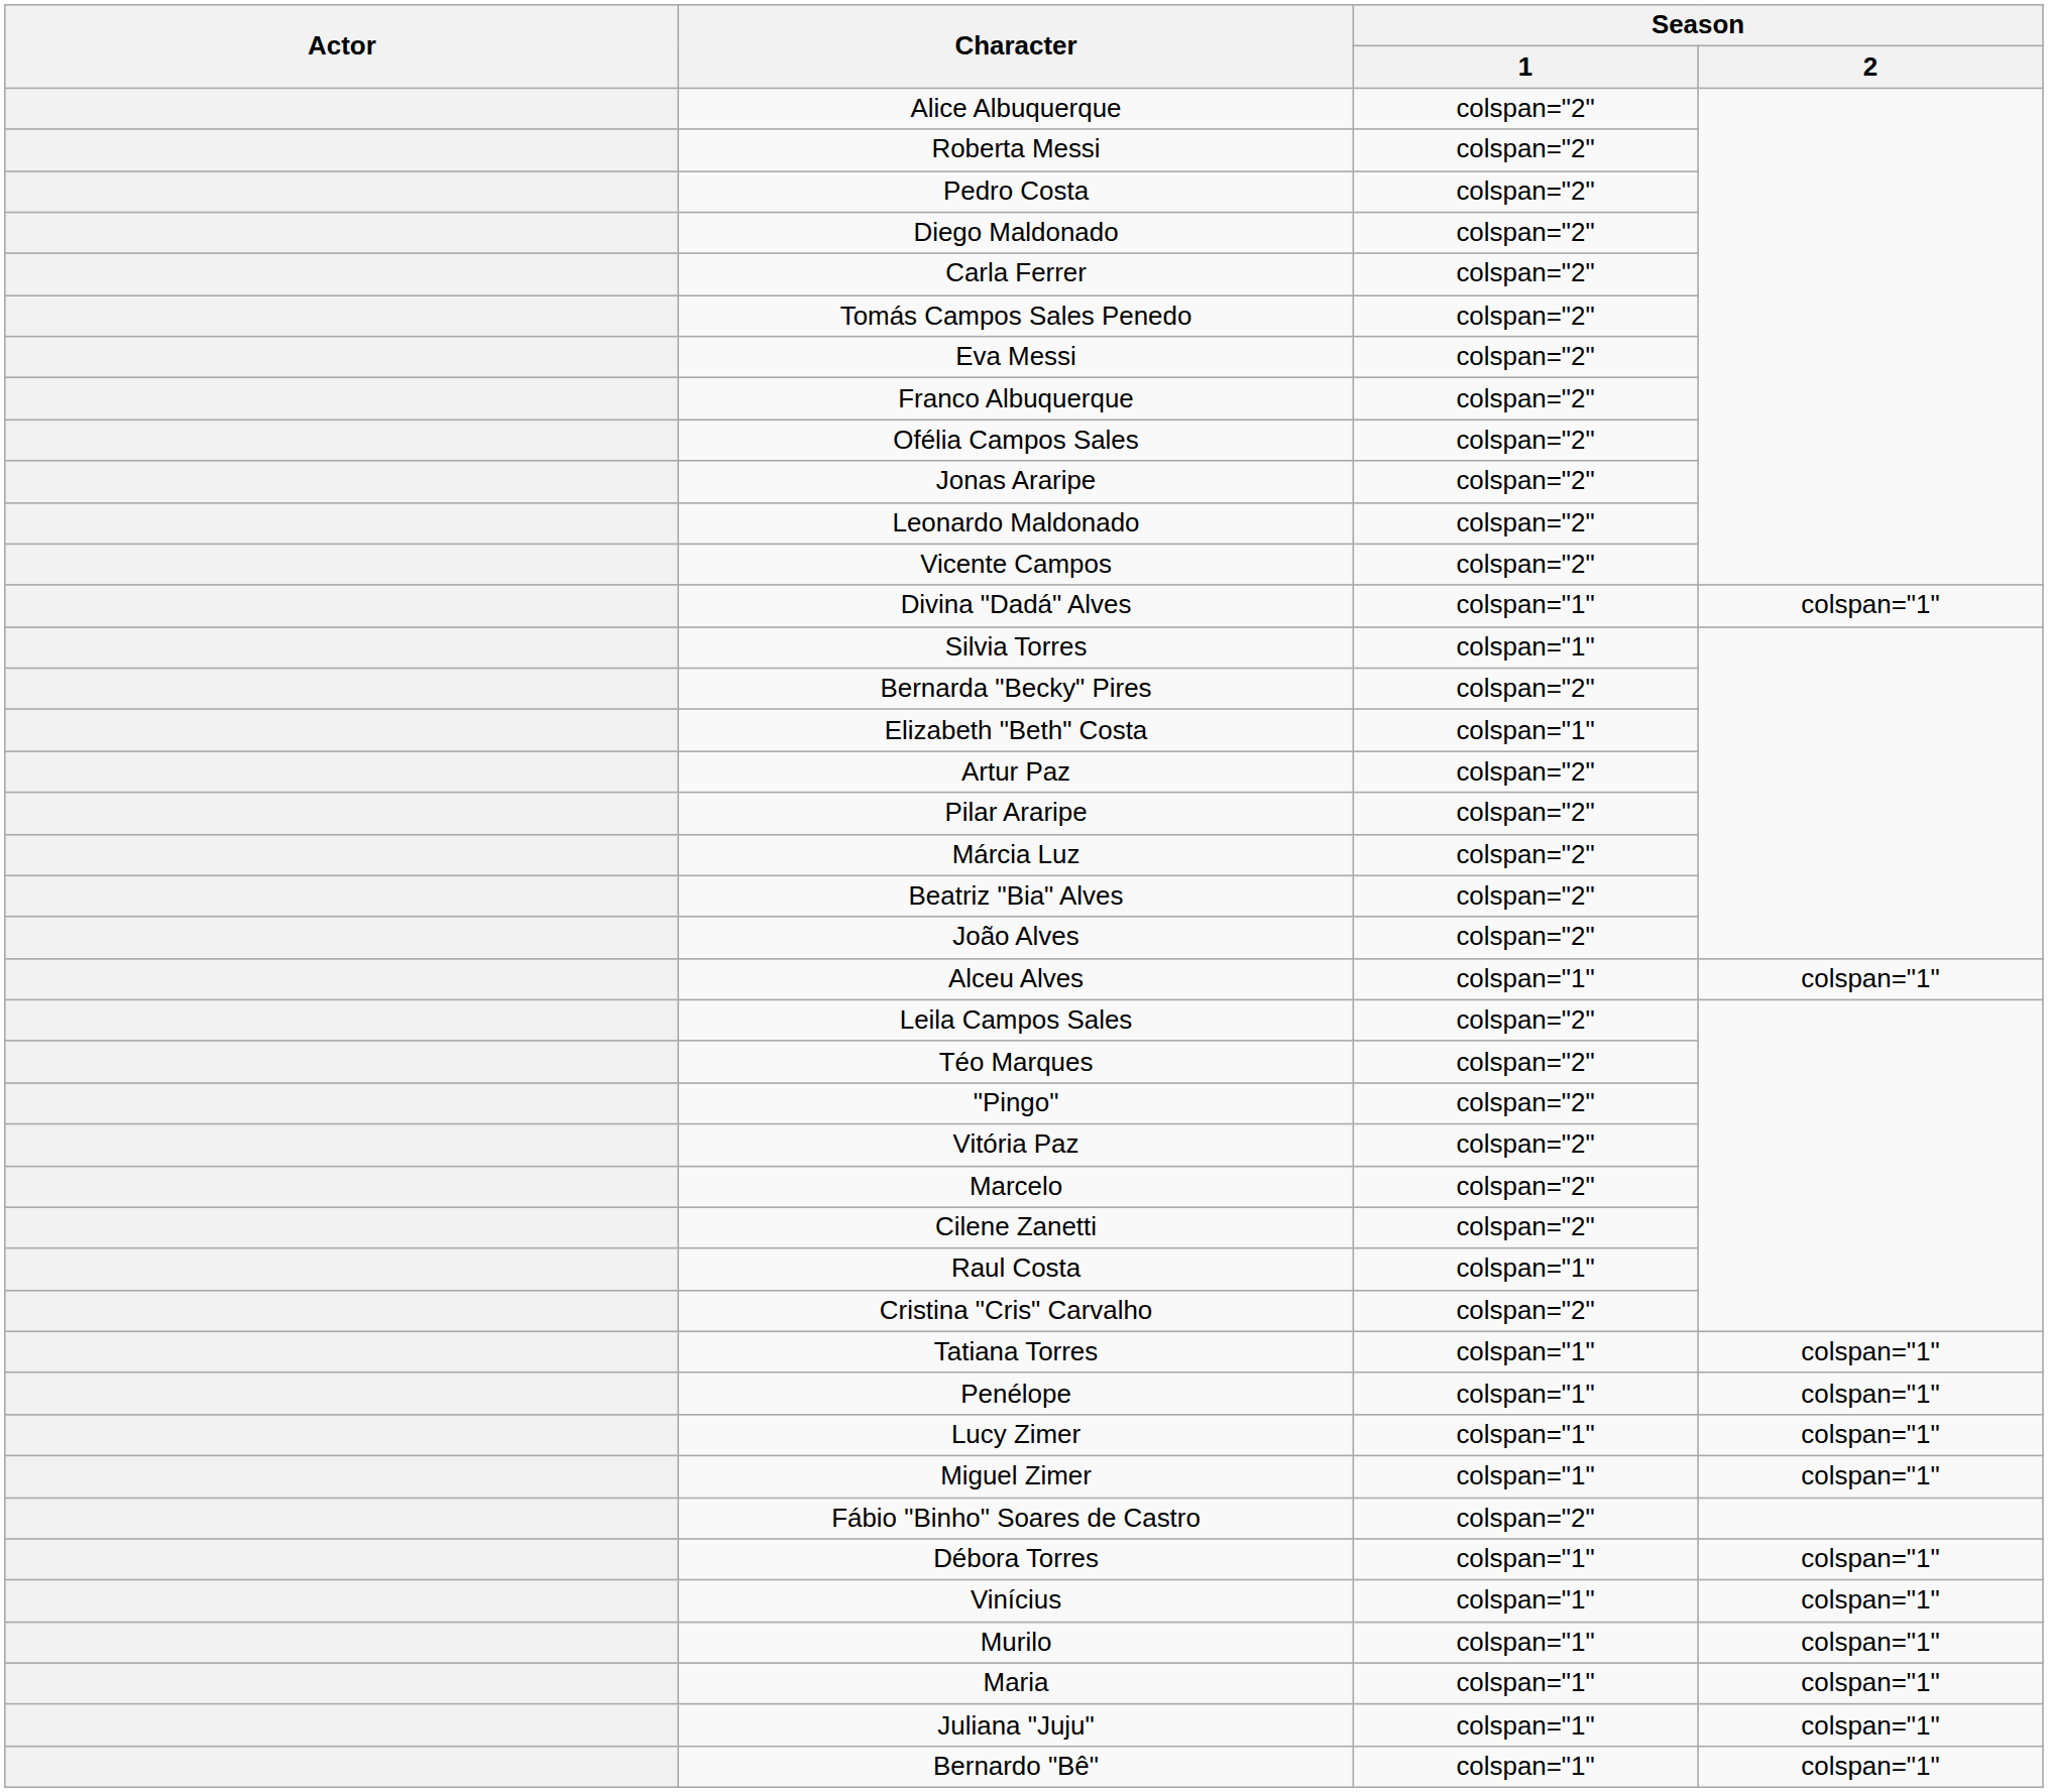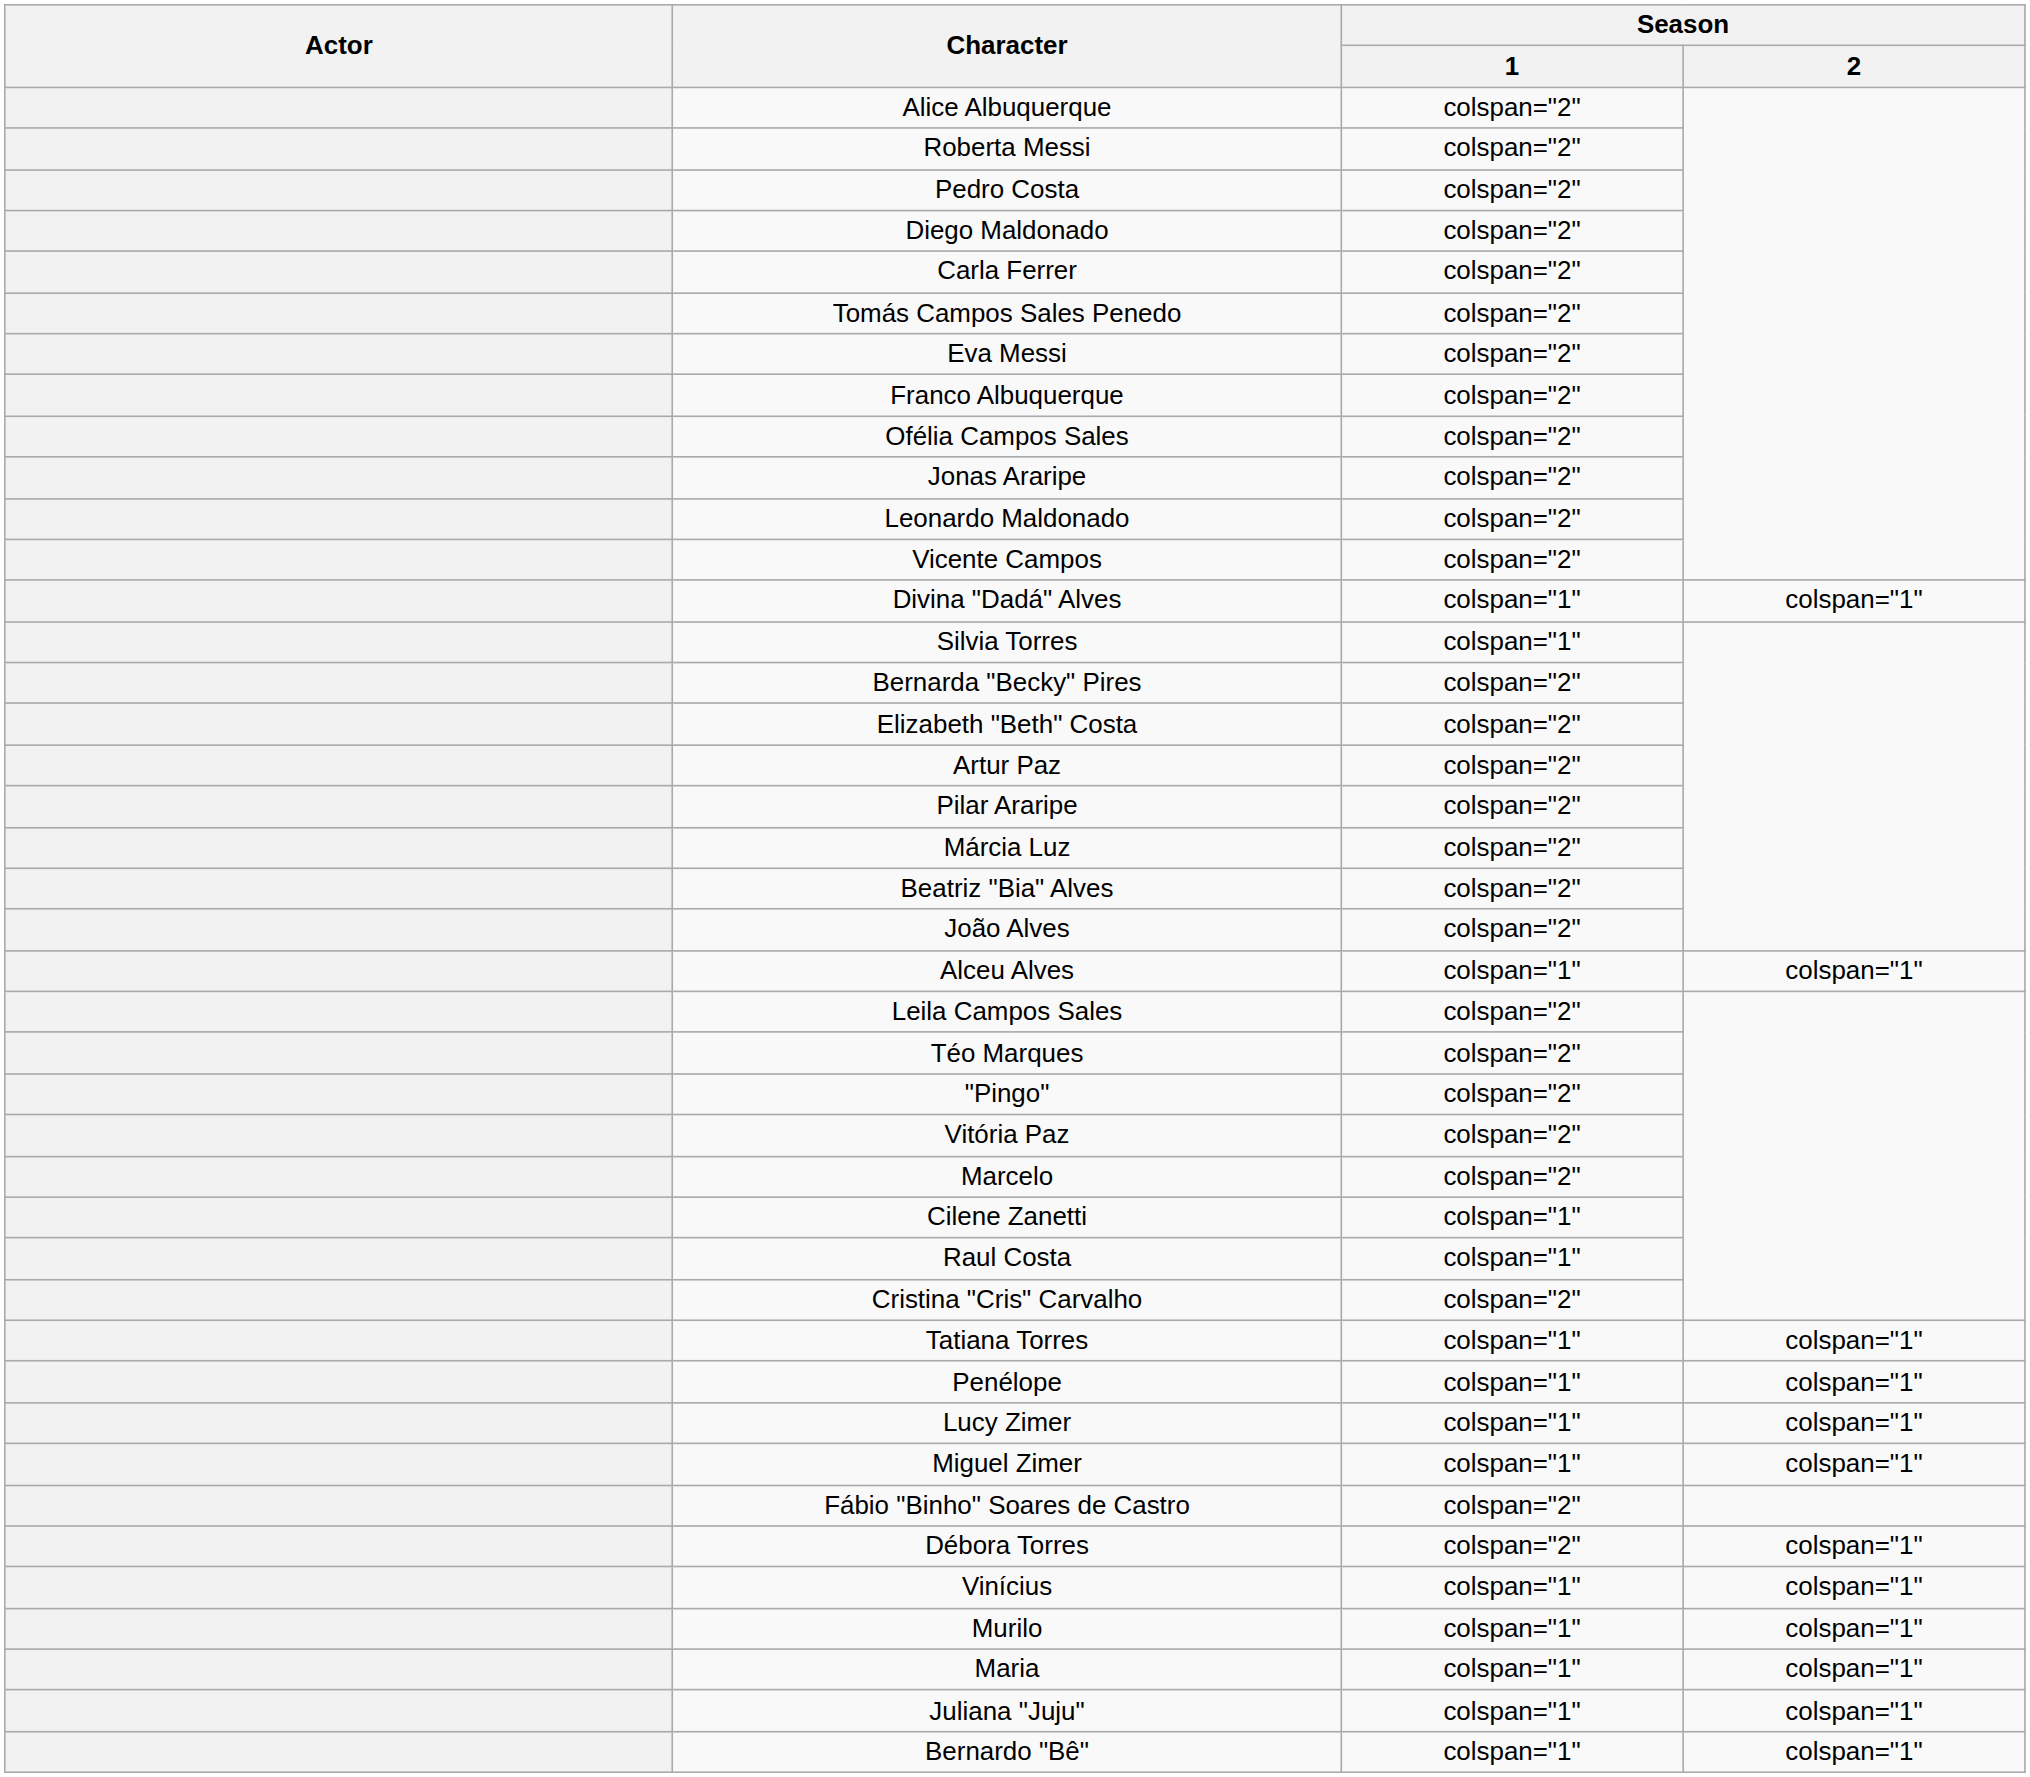 <table class="wikitable plainrowheaders" style="text-align:center">
 <tr>
 <th rowspan="2" width="14%" scope="col">Actor</th>
 <th rowspan="2" width="14%" scope="col">Character</th>
 <th colspan="4">Season</th>
 </tr>
 <tr>
 <th width="7%" scope="col">1</th>
 <th width="7%" scope="col">2</th>
 </tr>
 <tr>
 <th scope="row"></th>
 <td>Alice Albuquerque</td>
 <td>colspan="2" </td>
 </tr>
 <tr>
 <th scope="row"></th>
 <td>Roberta Messi</td>
 <td>colspan="2" </td>
 </tr>
 <tr>
 <th scope="row"></th>
 <td>Pedro Costa</td>
 <td>colspan="2" </td>
 </tr>
 <tr>
 <th scope="row"></th>
 <td>Diego Maldonado</td>
 <td>colspan="2" </td>
 </tr>
 <tr>
 <th scope="row"></th>
 <td>Carla Ferrer</td>
 <td>colspan="2" </td>
 </tr>
 <tr>
 <th scope="row"></th>
 <td>Tomás Campos Sales Penedo</td>
 <td>colspan="2" </td>
 </tr>
 <tr>
 <th scope="row"></th>
 <td>Eva Messi</td>
 <td>colspan="2" </td>
 </tr>
 <tr>
 <th scope="row"></th>
 <td>Franco Albuquerque</td>
 <td>colspan="2" </td>
 </tr>
 <tr>
 <th scope="row"></th>
 <td>Ofélia Campos Sales</td>
 <td>colspan="2" </td>
 </tr>
 <tr>
 <th scope="row"></th>
 <td>Jonas Araripe</td>
 <td>colspan="2" </td>
 </tr>
 <tr>
 <th scope="row"></th>
 <td>Leonardo Maldonado</td>
 <td>colspan="2" </td>
 </tr>
 <tr>
 <th scope="row"></th>
 <td>Vicente Campos</td>
 <td>colspan="2" </td>
 </tr>
 <tr>
 <th scope="row"></th>
 <td>Divina "Dadá" Alves</td>
 <td>colspan="1" </td>
 <td>colspan="1" </td>
 </tr>
 <tr>
 <th scope="row"></th>
 <td>Silvia Torres</td>
 <td>colspan="1" </td>
 </tr>
 <tr>
 <th scope="row"></th>
 <td>Bernarda "Becky" Pires</td>
 <td>colspan="2" </td>
 </tr>
 <tr>
 <th scope="row"></th>
 <td>Elizabeth "Beth" Costa</td>
-<td>colspan="1" </td>
+<td>colspan="2" </td>
 </tr>
 <tr>
 <th scope="row"></th>
 <td>Artur Paz</td>
 <td>colspan="2" </td>
 </tr>
 <tr>
 <th scope="row"></th>
 <td>Pilar Araripe</td>
 <td>colspan="2" </td>
 </tr>
 <tr>
 <th scope="row"></th>
 <td>Márcia Luz</td>
 <td>colspan="2" </td>
 </tr>
 <tr>
 <th scope="row"></th>
 <td>Beatriz "Bia" Alves</td>
 <td>colspan="2" </td>
 </tr>
 <tr>
 <th scope="row"></th>
 <td>João Alves</td>
 <td>colspan="2" </td>
 </tr>
 <tr>
 <th scope="row"></th>
 <td>Alceu Alves</td>
 <td>colspan="1" </td>
 <td>colspan="1" </td>
 </tr>
 <tr>
 <th scope="row"></th>
 <td>Leila Campos Sales</td>
 <td>colspan="2" </td>
 </tr>
 <tr>
 <th scope="row"></th>
 <td>Téo Marques</td>
 <td>colspan="2" </td>
 </tr>
 <tr>
 <th scope="row"></th>
 <td>"Pingo"</td>
 <td>colspan="2" </td>
 </tr>
 <tr>
 <th scope="row"></th>
 <td>Vitória Paz</td>
 <td>colspan="2" </td>
 </tr>
 <tr>
 <th scope="row"></th>
 <td>Marcelo</td>
 <td>colspan="2" </td>
 </tr>
 <tr>
 <th scope="row"></th>
 <td>Cilene Zanetti</td>
-<td>colspan="2" </td>
+<td>colspan="1" </td>
 </tr>
 <tr>
 <th scope="row"></th>
 <td>Raul Costa</td>
 <td>colspan="1" </td>
 </tr>
 <tr>
 <th scope="row"></th>
 <td>Cristina "Cris" Carvalho</td>
 <td>colspan="2" </td>
 </tr>
 <tr>
 <th scope="row"></th>
 <td>Tatiana Torres</td>
 <td>colspan="1" </td>
 <td>colspan="1" </td>
 </tr>
 <tr>
 <th scope="row"></th>
 <td>Penélope</td>
 <td>colspan="1" </td>
 <td>colspan="1" </td>
 </tr>
 <tr>
 <th scope="row"></th>
 <td>Lucy Zimer</td>
 <td>colspan="1" </td>
 <td>colspan="1" </td>
 </tr>
 <tr>
 <th scope="row"></th>
 <td>Miguel Zimer</td>
 <td>colspan="1" </td>
 <td>colspan="1" </td>
 </tr>
 <tr>
 <th scope="row"></th>
 <td>Fábio "Binho" Soares de Castro</td>
 <td>colspan="2" </td>
 </tr>
 <tr>
 <th scope="row"></th>
 <td>Débora Torres</td>
-<td>colspan="1" </td>
+<td>colspan="2" </td>
 <td>colspan="1" </td>
 </tr>
 <tr>
 <th scope="row"></th>
 <td>Vinícius</td>
 <td>colspan="1" </td>
 <td>colspan="1" </td>
 </tr>
 <tr>
 <th scope="row"></th>
 <td>Murilo</td>
 <td>colspan="1" </td>
 <td>colspan="1" </td>
 </tr>
 <tr>
 <th scope="row"></th>
 <td>Maria</td>
 <td>colspan="1" </td>
 <td>colspan="1" </td>
 </tr>
 <tr>
 <th scope="row"></th>
 <td>Juliana "Juju"</td>
 <td>colspan="1" </td>
 <td>colspan="1" </td>
 </tr>
 <tr>
 <th scope="row"></th>
 <td>Bernardo "Bê"</td>
 <td>colspan="1" </td>
 <td>colspan="1" </td>
 </tr>
 </table>
